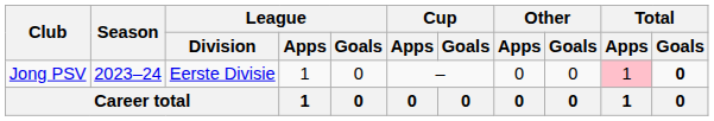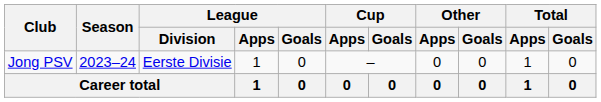 <table class="wikitable" style="text-align: center">
 <tr>
 <th rowspan="2">Club</th>
 <th rowspan="2">Season</th>
 <th colspan="3">League</th>
 <th colspan="2">Cup</th>
 <th colspan="2">Other</th>
 <th colspan="2">Total</th>
 </tr>
 <tr>
 <th>Division</th>
 <th>Apps</th>
 <th>Goals</th>
 <th>Apps</th>
 <th>Goals</th>
 <th>Apps</th>
 <th>Goals</th>
 <th>Apps</th>
 <th>Goals</th>
 </tr>
 <tr>
 <td><a href='#'>Jong PSV</a></td>
 <td><a href='#'>2023–24</a></td>
 <td><a href='#'>Eerste Divisie</a></td>
 <td>1</td>
 <td>0</td>
 <td colspan="2">–</td>
 <td>0</td>
 <td>0</td>
-<td style="background: pink;">1</td>
-<td><strong>0</strong></td>
+<td>1</td>
+<td>0</td>
 </tr>
 <tr>
 <th colspan=3>Career total</th>
 <th>1</th>
 <th>0</th>
 <th>0</th>
 <th>0</th>
 <th>0</th>
 <th>0</th>
 <th>1</th>
 <th>0</th>
 </tr>
 </table>
